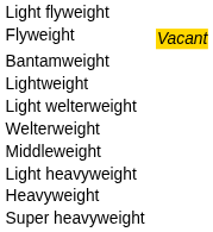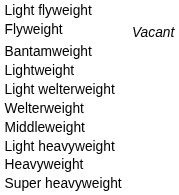 <table>
 <tr valign="top">
 <td rowspan=2>Light flyweight<br></td>
 <td rowspan=2></td>
 <td rowspan=2></td>
 <td></td>
 </tr>
 <tr>
 <td></td>
 </tr>
 <tr valign="top">
 <td rowspan=2>Flyweight<br></td>
 <td rowspan=2></td>
 <td rowspan=2></td>
 <td></td>
 </tr>
 <tr>
-<td style="background: gold;"><em>Vacant</em></td>
+<td><em>Vacant</em></td>
 </tr>
 <tr valign="top">
 <td rowspan=2>Bantamweight<br></td>
 <td rowspan=2></td>
 <td rowspan=2></td>
 <td></td>
 </tr>
 <tr>
 <td></td>
 </tr>
 <tr valign="top">
 <td rowspan=2>Lightweight<br></td>
 <td rowspan=2></td>
 <td rowspan=2></td>
 <td></td>
 </tr>
 <tr>
 <td></td>
 </tr>
 <tr valign="top">
 <td rowspan=2>Light welterweight<br></td>
 <td rowspan=2></td>
 <td rowspan=2></td>
 <td></td>
 </tr>
 <tr>
 <td></td>
 </tr>
 <tr valign="top">
 <td rowspan=2>Welterweight<br></td>
 <td rowspan=2></td>
 <td rowspan=2></td>
 <td></td>
 </tr>
 <tr>
 <td></td>
 </tr>
 <tr valign="top">
 <td rowspan=2>Middleweight<br></td>
 <td rowspan=2></td>
 <td rowspan=2></td>
 <td></td>
 </tr>
 <tr>
 <td></td>
 </tr>
 <tr valign="top">
 <td rowspan=2>Light heavyweight<br></td>
 <td rowspan=2></td>
 <td rowspan=2></td>
 <td></td>
 </tr>
 <tr>
 <td></td>
 </tr>
 <tr valign="top">
 <td rowspan=2>Heavyweight<br></td>
 <td rowspan=2></td>
 <td rowspan=2></td>
 <td></td>
 </tr>
 <tr>
 <td></td>
 </tr>
 <tr valign="top">
 <td rowspan=2>Super heavyweight<br></td>
 <td rowspan=2></td>
 <td rowspan=2></td>
 <td></td>
 </tr>
 <tr>
 <td></td>
 </tr>
 </table>
